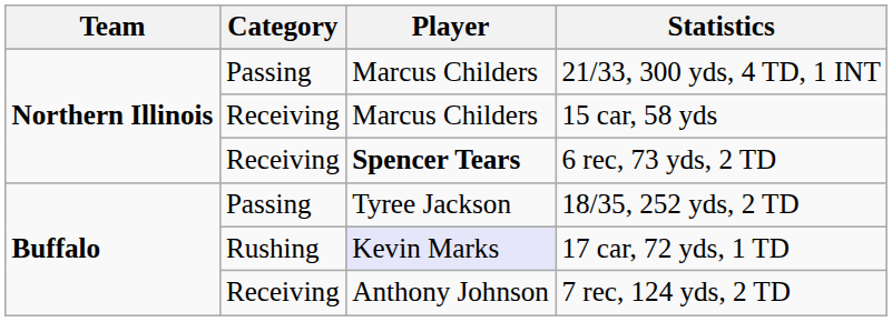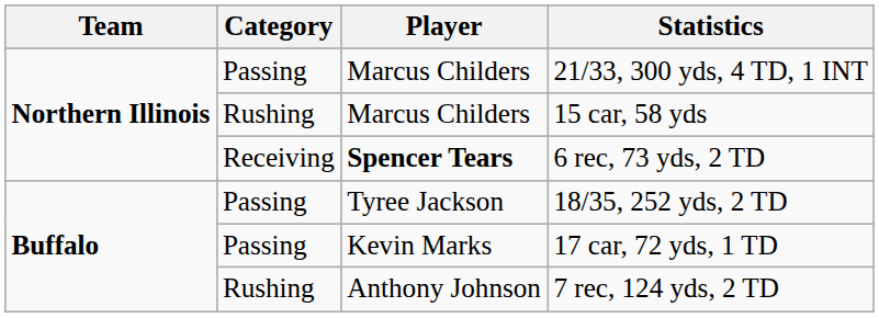 <table class="wikitable">
 <tr>
 <th>Team</th>
 <th>Category</th>
 <th>Player</th>
 <th>Statistics</th>
 </tr>
 <tr |>
 <td rowspan=3><strong>Northern Illinois</strong></td>
 <td>Passing</td>
 <td>Marcus Childers</td>
 <td>21/33, 300 yds, 4 TD, 1 INT</td>
 </tr>
 <tr>
-<td>Receiving</td>
+<td>Rushing</td>
 <td>Marcus Childers</td>
 <td>15 car, 58 yds</td>
 </tr>
 <tr>
 <td>Receiving</td>
 <td><strong>Spencer Tears</strong></td>
 <td>6 rec, 73 yds, 2 TD</td>
 </tr>
 <tr>
 <td rowspan=3><strong>Buffalo</strong></td>
 <td>Passing</td>
 <td>Tyree Jackson</td>
 <td>18/35, 252 yds, 2 TD</td>
 </tr>
 <tr>
-<td>Rushing</td>
-<td style="background: lavender;">Kevin Marks</td>
+<td>Passing</td>
+<td>Kevin Marks</td>
 <td>17 car, 72 yds, 1 TD</td>
 </tr>
 <tr>
-<td>Receiving</td>
+<td>Rushing</td>
 <td>Anthony Johnson</td>
 <td>7 rec, 124 yds, 2 TD</td>
 </tr>
 </table>
